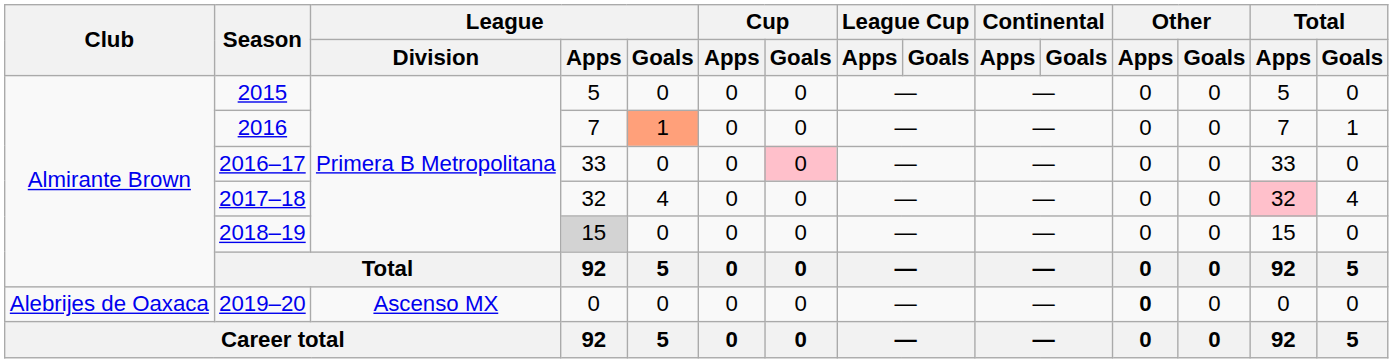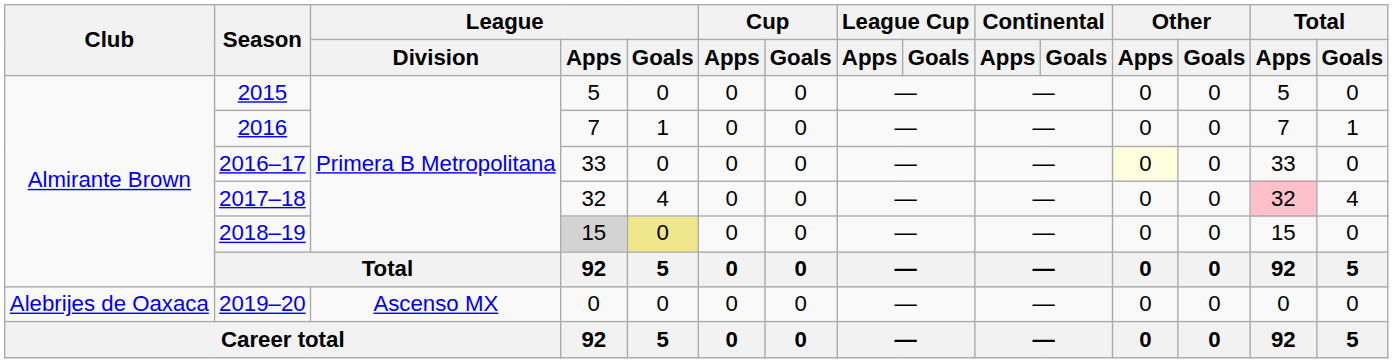 <table class="wikitable" style="text-align:center">
 <tr>
 <th rowspan="2">Club</th>
 <th rowspan="2">Season</th>
 <th colspan="3">League</th>
 <th colspan="2">Cup</th>
 <th colspan="2">League Cup</th>
 <th colspan="2">Continental</th>
 <th colspan="2">Other</th>
 <th colspan="2">Total</th>
 </tr>
 <tr>
 <th>Division</th>
 <th>Apps</th>
 <th>Goals</th>
 <th>Apps</th>
 <th>Goals</th>
 <th>Apps</th>
 <th>Goals</th>
 <th>Apps</th>
 <th>Goals</th>
 <th>Apps</th>
 <th>Goals</th>
 <th>Apps</th>
 <th>Goals</th>
 </tr>
 <tr>
 <td rowspan="6"><a href='#'>Almirante Brown</a></td>
 <td><a href='#'>2015</a></td>
 <td rowspan="5"><a href='#'>Primera B Metropolitana</a></td>
 <td>5</td>
 <td>0</td>
 <td>0</td>
 <td>0</td>
 <td colspan="2">—</td>
 <td colspan="2">—</td>
 <td>0</td>
 <td>0</td>
 <td>5</td>
 <td>0</td>
 </tr>
 <tr>
 <td><a href='#'>2016</a></td>
 <td>7</td>
-<td style="background: lightsalmon;">1</td>
+<td>1</td>
 <td>0</td>
 <td>0</td>
 <td colspan="2">—</td>
 <td colspan="2">—</td>
 <td>0</td>
 <td>0</td>
 <td>7</td>
 <td>1</td>
 </tr>
 <tr>
 <td><a href='#'>2016–17</a></td>
 <td>33</td>
 <td>0</td>
 <td>0</td>
-<td style="background: pink;">0</td>
+<td>0</td>
 <td colspan="2">—</td>
 <td colspan="2">—</td>
-<td>0</td>
+<td style="background: lightyellow;">0</td>
 <td>0</td>
 <td>33</td>
 <td>0</td>
 </tr>
 <tr>
 <td><a href='#'>2017–18</a></td>
 <td>32</td>
 <td>4</td>
 <td>0</td>
 <td>0</td>
 <td colspan="2">—</td>
 <td colspan="2">—</td>
 <td>0</td>
 <td>0</td>
 <td style="background: pink;">32</td>
 <td>4</td>
 </tr>
 <tr>
 <td><a href='#'>2018–19</a></td>
 <td style="background: lightgrey;">15</td>
-<td>0</td>
+<td style="background: khaki;">0</td>
 <td>0</td>
 <td>0</td>
 <td colspan="2">—</td>
 <td colspan="2">—</td>
 <td>0</td>
 <td>0</td>
 <td>15</td>
 <td>0</td>
 </tr>
 <tr>
 <th colspan="2">Total</th>
 <th>92</th>
 <th>5</th>
 <th>0</th>
 <th>0</th>
 <th colspan="2">—</th>
 <th colspan="2">—</th>
 <th>0</th>
 <th>0</th>
 <th>92</th>
 <th>5</th>
 </tr>
 <tr>
 <td rowspan="1"><a href='#'>Alebrijes de Oaxaca</a></td>
 <td><a href='#'>2019–20</a></td>
 <td rowspan="1"><a href='#'>Ascenso MX</a></td>
 <td>0</td>
 <td>0</td>
 <td>0</td>
 <td>0</td>
 <td colspan="2">—</td>
 <td colspan="2">—</td>
-<td><strong>0</strong></td>
+<td>0</td>
 <td>0</td>
 <td>0</td>
 <td>0</td>
 </tr>
 <tr>
 <th colspan="3">Career total</th>
 <th>92</th>
 <th>5</th>
 <th>0</th>
 <th>0</th>
 <th colspan="2">—</th>
 <th colspan="2">—</th>
 <th>0</th>
 <th>0</th>
 <th>92</th>
 <th>5</th>
 </tr>
 </table>
